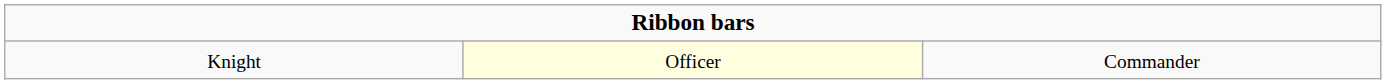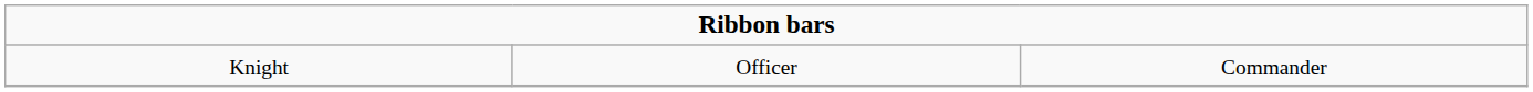 <table align=center class=wikitable width=60%>
 <tr>
 <td colspan=3 style="text-align:center;"><strong>Ribbon bars</strong></td>
 </tr>
 <tr>
 <td width=20% valign=top align=center><small>Knight</small></td>
-<td width=20% valign=top align=center style="background: lightyellow;"><small>Officer</small></td>
+<td width=20% valign=top align=center><small>Officer</small></td>
 <td width=20% valign=top align=center><small>Commander</small></td>
 </tr>
 </table>
